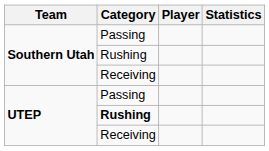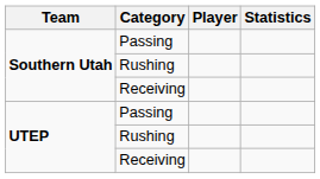 <table class="wikitable" style="float: right;">
 <tr>
 <th>Team</th>
 <th>Category</th>
 <th>Player</th>
 <th>Statistics</th>
 </tr>
 <tr>
 <td rowspan=3><strong>Southern Utah</strong></td>
 <td>Passing</td>
 <td></td>
 <td></td>
 </tr>
 <tr>
 <td>Rushing</td>
 <td></td>
 <td></td>
 </tr>
 <tr>
 <td>Receiving</td>
 <td></td>
 <td></td>
 </tr>
 <tr>
 <td rowspan=3><strong>UTEP</strong></td>
 <td>Passing</td>
 <td></td>
 <td></td>
 </tr>
 <tr>
-<td><strong>Rushing</strong></td>
+<td>Rushing</td>
 <td></td>
 <td></td>
 </tr>
 <tr>
 <td>Receiving</td>
 <td></td>
 <td></td>
 </tr>
 </table>
